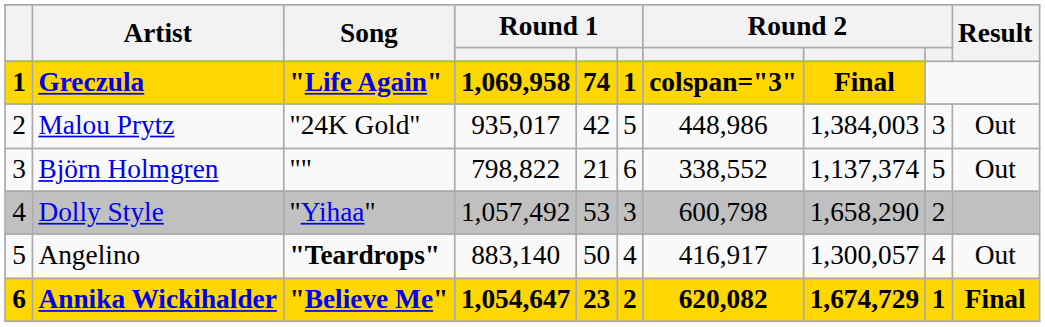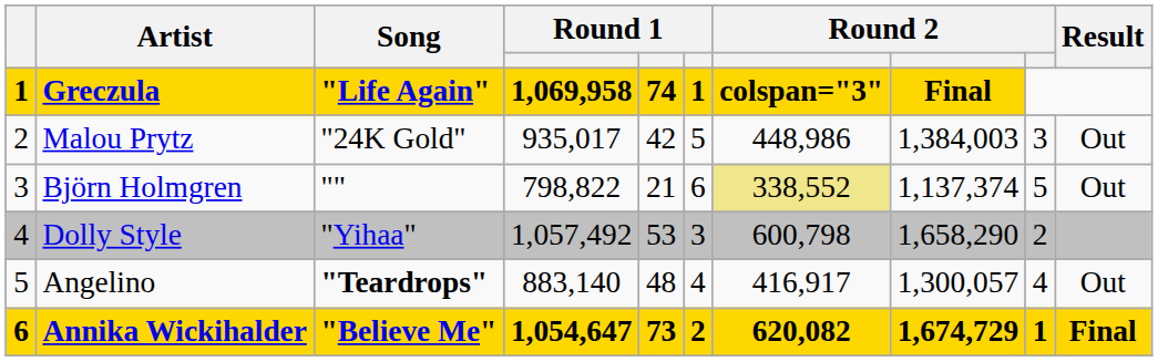 <table class="sortable wikitable" style="margin: 1em auto 1em auto; text-align:center;">
 <tr>
 <th rowspan="2"></th>
 <th rowspan="2">Artist</th>
 <th rowspan="2">Song</th>
 <th colspan="3">Round 1</th>
 <th colspan="3">Round 2</th>
 <th rowspan="2" class="unsortable">Result</th>
 </tr>
 <tr>
 <th></th>
 <th></th>
 <th></th>
 <th></th>
 <th></th>
 <th></th>
 </tr>
 <tr style="background:gold; font-weight:bold;">
 <td>1</td>
 <td align="left"><a href='#'>Greczula</a></td>
 <td align="left">"<a href='#'>Life Again</a>"</td>
 <td>1,069,958</td>
 <td>74</td>
 <td>1</td>
 <td>colspan="3" </td>
 <td>Final</td>
 </tr>
 <tr>
 <td>2</td>
 <td align="left"><a href='#'>Malou Prytz</a></td>
 <td align="left">"24K Gold"</td>
 <td>935,017</td>
 <td>42</td>
 <td>5</td>
 <td>448,986</td>
 <td>1,384,003</td>
 <td>3</td>
 <td>Out</td>
 </tr>
 <tr>
 <td>3</td>
 <td align="left"><a href='#'>Björn Holmgren</a></td>
 <td align="left">""</td>
 <td>798,822</td>
 <td>21</td>
 <td>6</td>
-<td>338,552</td>
+<td style="background: khaki;">338,552</td>
 <td>1,137,374</td>
 <td>5</td>
 <td>Out</td>
 </tr>
 <tr style="background:silver;">
 <td>4</td>
 <td align="left"><a href='#'>Dolly Style</a></td>
 <td align="left">"<a href='#'>Yihaa</a>"</td>
 <td>1,057,492</td>
 <td>53</td>
 <td>3</td>
 <td>600,798</td>
 <td>1,658,290</td>
 <td>2</td>
 <td><strong></strong></td>
 </tr>
 <tr>
 <td>5</td>
 <td align="left">Angelino</td>
 <td align="left"><strong>"Teardrops"</strong></td>
 <td>883,140</td>
-<td>50</td>
+<td>48</td>
 <td>4</td>
 <td>416,917</td>
 <td>1,300,057</td>
 <td>4</td>
 <td>Out</td>
 </tr>
 <tr style="background:gold; font-weight:bold;">
 <td>6</td>
 <td align="left"><a href='#'>Annika Wickihalder</a></td>
 <td align="left">"<a href='#'>Believe Me</a>"</td>
 <td>1,054,647</td>
-<td>23</td>
+<td>73</td>
 <td>2</td>
 <td>620,082</td>
 <td>1,674,729</td>
 <td>1</td>
 <td>Final</td>
 </tr>
 </table>
